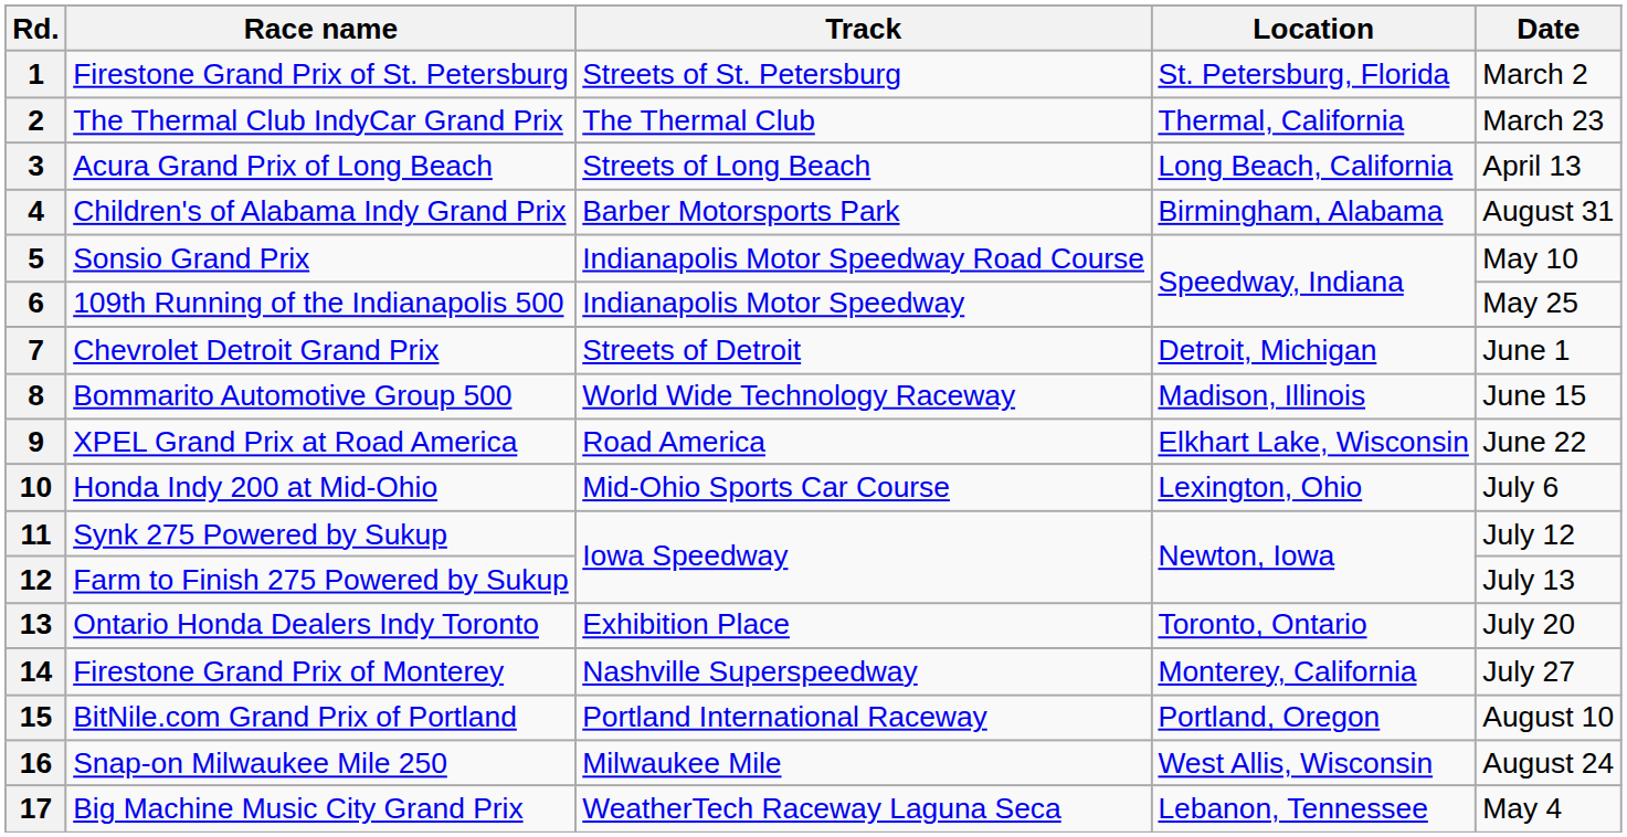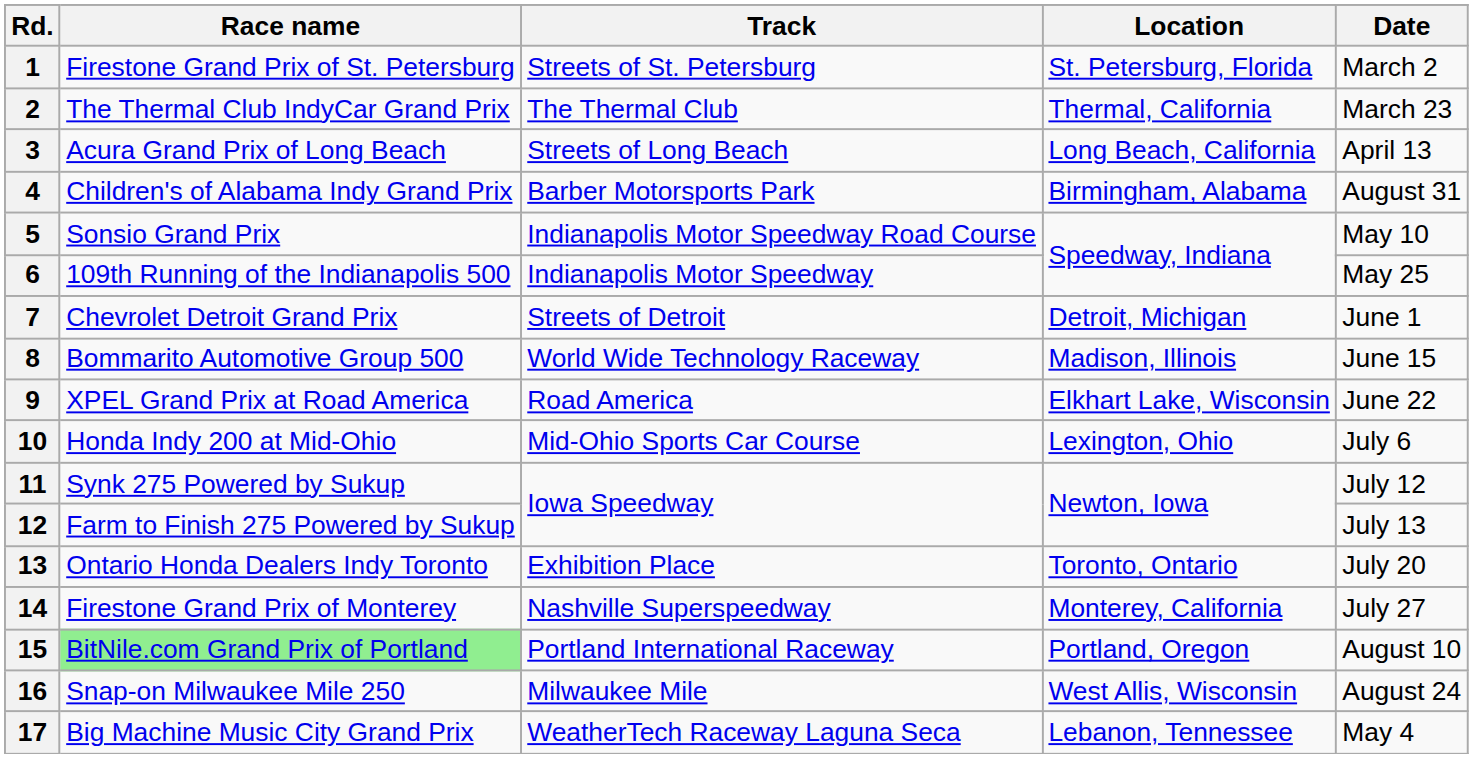 <table class="wikitable" style="font-size: 85%">
 <tr>
 <th>Rd.</th>
 <th>Race name</th>
 <th>Track</th>
 <th>Location</th>
 <th>Date</th>
 </tr>
 <tr>
 <th>1</th>
 <td><a href='#'>Firestone Grand Prix of St. Petersburg</a></td>
 <td> <a href='#'>Streets of St. Petersburg</a></td>
 <td><a href='#'>St. Petersburg, Florida</a></td>
 <td>March 2</td>
 </tr>
 <tr>
 <th>2</th>
 <td><a href='#'>The Thermal Club IndyCar Grand Prix</a></td>
 <td> <a href='#'>The Thermal Club</a></td>
 <td><a href='#'>Thermal, California</a></td>
 <td>March 23</td>
 </tr>
 <tr>
 <th>3</th>
 <td><a href='#'>Acura Grand Prix of Long Beach</a></td>
 <td> <a href='#'>Streets of Long Beach</a></td>
 <td><a href='#'>Long Beach, California</a></td>
 <td>April 13</td>
 </tr>
 <tr>
 <th>4</th>
 <td><a href='#'>Children's of Alabama Indy Grand Prix</a></td>
 <td> <a href='#'>Barber Motorsports Park</a></td>
 <td><a href='#'>Birmingham, Alabama</a></td>
 <td>August 31</td>
 </tr>
 <tr>
 <th>5</th>
 <td><a href='#'>Sonsio Grand Prix</a></td>
 <td> <a href='#'>Indianapolis Motor Speedway Road Course</a></td>
 <td rowspan=2><a href='#'>Speedway, Indiana</a></td>
 <td>May 10</td>
 </tr>
 <tr>
 <th>6</th>
 <td><a href='#'>109th Running of the Indianapolis 500</a></td>
 <td> <a href='#'>Indianapolis Motor Speedway</a></td>
 <td>May 25</td>
 </tr>
 <tr>
 <th>7</th>
 <td><a href='#'>Chevrolet Detroit Grand Prix</a></td>
 <td> <a href='#'>Streets of Detroit</a></td>
 <td><a href='#'>Detroit, Michigan</a></td>
 <td>June 1</td>
 </tr>
 <tr>
 <th>8</th>
 <td><a href='#'>Bommarito Automotive Group 500</a></td>
 <td> <a href='#'>World Wide Technology Raceway</a></td>
 <td><a href='#'>Madison, Illinois</a></td>
 <td>June 15</td>
 </tr>
 <tr>
 <th>9</th>
 <td><a href='#'>XPEL Grand Prix at Road America</a></td>
 <td> <a href='#'>Road America</a></td>
 <td><a href='#'>Elkhart Lake, Wisconsin</a></td>
 <td>June 22</td>
 </tr>
 <tr>
 <th>10</th>
 <td><a href='#'>Honda Indy 200 at Mid-Ohio</a></td>
 <td> <a href='#'>Mid-Ohio Sports Car Course</a></td>
 <td><a href='#'>Lexington, Ohio</a></td>
 <td>July 6</td>
 </tr>
 <tr>
 <th>11</th>
 <td><a href='#'>Synk 275 Powered by Sukup</a></td>
 <td rowspan=2> <a href='#'>Iowa Speedway</a></td>
 <td rowspan=2><a href='#'>Newton, Iowa</a></td>
 <td>July 12</td>
 </tr>
 <tr>
 <th>12</th>
 <td><a href='#'>Farm to Finish 275 Powered by Sukup</a></td>
 <td>July 13</td>
 </tr>
 <tr>
 <th>13</th>
 <td><a href='#'>Ontario Honda Dealers Indy Toronto</a></td>
 <td> <a href='#'>Exhibition Place</a></td>
 <td><a href='#'>Toronto, Ontario</a></td>
 <td>July 20</td>
 </tr>
 <tr>
 <th>14</th>
 <td><a href='#'>Firestone Grand Prix of Monterey</a></td>
 <td> <a href='#'>Nashville Superspeedway</a></td>
 <td><a href='#'>Monterey, California</a></td>
 <td>July 27</td>
 </tr>
 <tr>
 <th>15</th>
-<td><a href='#'>BitNile.com Grand Prix of Portland</a></td>
+<td style="background: lightgreen;"><a href='#'>BitNile.com Grand Prix of Portland</a></td>
 <td> <a href='#'>Portland International Raceway</a></td>
 <td><a href='#'>Portland, Oregon</a></td>
 <td>August 10</td>
 </tr>
 <tr>
 <th>16</th>
 <td><a href='#'>Snap-on Milwaukee Mile 250</a></td>
 <td> <a href='#'>Milwaukee Mile</a></td>
 <td><a href='#'>West Allis, Wisconsin</a></td>
 <td>August 24</td>
 </tr>
 <tr>
 <th>17</th>
 <td><a href='#'>Big Machine Music City Grand Prix</a></td>
 <td> <a href='#'>WeatherTech Raceway Laguna Seca</a></td>
 <td><a href='#'>Lebanon, Tennessee</a></td>
 <td>May 4</td>
 </tr>
 </table>
